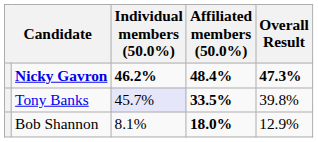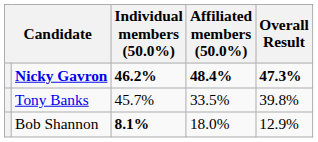 <table class="wikitable">
 <tr>
 <th colspan= 2>Candidate</th>
 <th>Individual <br> members <br> <strong>(50.0%)</strong></th>
 <th>Affiliated <br> members<br> <strong>(50.0%)</strong></th>
 <th>Overall <br> Result</th>
 </tr>
 <tr>
 <th style="background-color: "></th>
 <td><strong><a href='#'>Nicky Gavron</a></strong></td>
 <td><strong>46.2%</strong></td>
 <td><strong>48.4%</strong></td>
 <td><strong>47.3%</strong></td>
 </tr>
 <tr>
 <th style="background-color: "></th>
 <td><a href='#'>Tony Banks</a></td>
-<td style="background: lavender;">45.7%</td>
-<td><strong>33.5%</strong></td>
+<td>45.7%</td>
+<td>33.5%</td>
 <td>39.8%</td>
 </tr>
 <tr>
 <th style="background-color: "></th>
 <td>Bob Shannon</td>
-<td>8.1%</td>
-<td><strong>18.0%</strong></td>
+<td><strong>8.1%</strong></td>
+<td>18.0%</td>
 <td>12.9%</td>
 </tr>
 </table>
